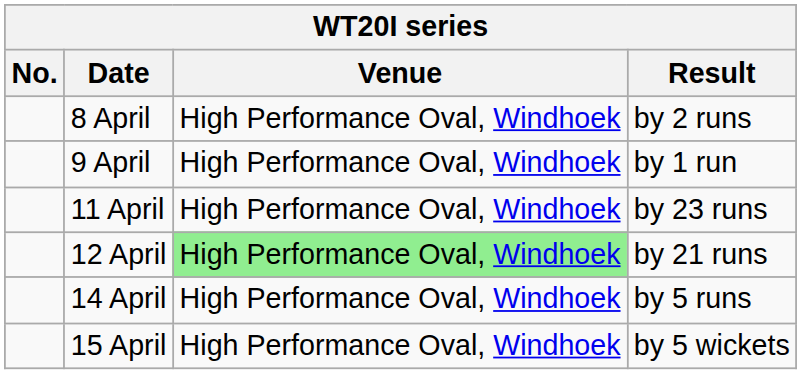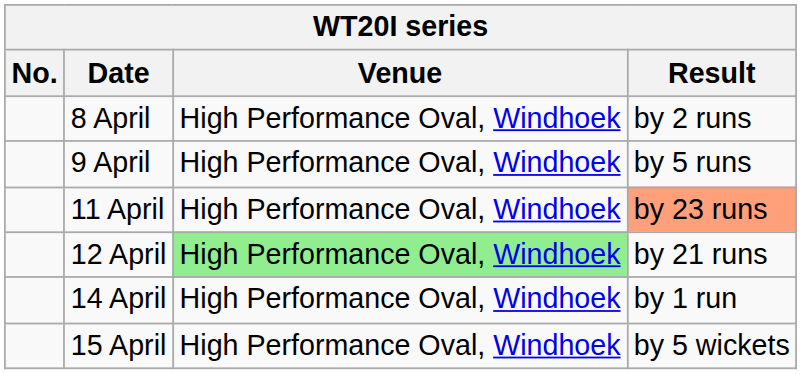 <table class="wikitable">
 <tr>
 <th colspan="5">WT20I series</th>
 </tr>
 <tr>
 <th>No.</th>
 <th>Date</th>
 <th>Venue</th>
 <th>Result</th>
 </tr>
 <tr>
 <td></td>
 <td>8 April</td>
 <td>High Performance Oval, <a href='#'>Windhoek</a></td>
 <td> by 2 runs</td>
 </tr>
 <tr>
 <td></td>
 <td>9 April</td>
 <td>High Performance Oval, <a href='#'>Windhoek</a></td>
-<td> by 1 run</td>
+<td> by 5 runs</td>
 </tr>
 <tr>
 <td></td>
 <td>11 April</td>
 <td>High Performance Oval, <a href='#'>Windhoek</a></td>
-<td> by 23 runs</td>
+<td style="background: lightsalmon;"> by 23 runs</td>
 </tr>
 <tr>
 <td></td>
 <td>12 April</td>
 <td style="background: lightgreen;">High Performance Oval, <a href='#'>Windhoek</a></td>
 <td> by 21 runs</td>
 </tr>
 <tr>
 <td></td>
 <td>14 April</td>
 <td>High Performance Oval, <a href='#'>Windhoek</a></td>
-<td> by 5 runs</td>
+<td> by 1 run</td>
 </tr>
 <tr>
 <td></td>
 <td>15 April</td>
 <td>High Performance Oval, <a href='#'>Windhoek</a></td>
 <td> by 5 wickets</td>
 </tr>
 </table>
